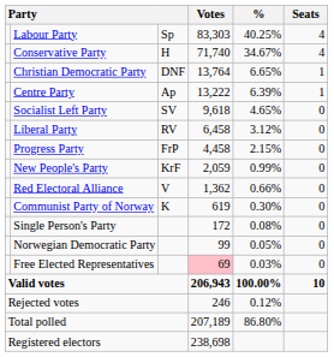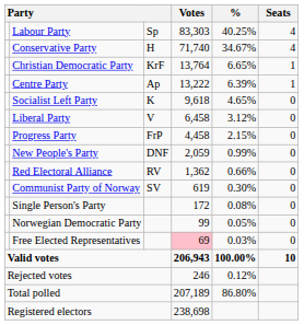 <table class="wikitable" border="1" style="text-align:right;">
 <tr>
 <th style="text-align:left;" colspan=3>Party</th>
 <th align=center width="50">Votes</th>
 <th align=center width="50">%</th>
 <th align=center width="50">Seats</th>
 </tr>
 <tr>
 <td style="color:inherit;background:"></td>
 <td align=left><a href='#'>Labour Party</a></td>
 <td align=left>Sp</td>
 <td>83,303</td>
 <td>40.25%</td>
 <td>4</td>
 </tr>
 <tr>
 <td style="color:inherit;background:"></td>
 <td align=left><a href='#'>Conservative Party</a></td>
 <td align=left>H</td>
 <td>71,740</td>
 <td>34.67%</td>
 <td>4</td>
 </tr>
 <tr>
 <td style="color:inherit;background:"></td>
 <td align=left><a href='#'>Christian Democratic Party</a></td>
-<td align=left>DNF</td>
+<td align=left>KrF</td>
 <td>13,764</td>
 <td>6.65%</td>
 <td>1</td>
 </tr>
 <tr>
 <td style="color:inherit;background:"></td>
 <td align=left><a href='#'>Centre Party</a></td>
 <td align=left>Ap</td>
 <td>13,222</td>
 <td>6.39%</td>
 <td>1</td>
 </tr>
 <tr>
 <td style="color:inherit;background:"></td>
 <td align=left><a href='#'>Socialist Left Party</a></td>
-<td align=left>SV</td>
+<td align=left>K</td>
 <td>9,618</td>
 <td>4.65%</td>
 <td>0</td>
 </tr>
 <tr>
 <td style="color:inherit;background:"></td>
 <td align=left><a href='#'>Liberal Party</a></td>
-<td align=left>RV</td>
+<td align=left>V</td>
 <td>6,458</td>
 <td>3.12%</td>
 <td>0</td>
 </tr>
 <tr>
 <td style="color:inherit;background:"></td>
 <td align=left><a href='#'>Progress Party</a></td>
 <td align=left>FrP</td>
 <td>4,458</td>
 <td>2.15%</td>
 <td>0</td>
 </tr>
 <tr>
 <td style="color:inherit;background:"></td>
 <td align=left><a href='#'>New People's Party</a></td>
-<td align=left>KrF</td>
+<td align=left>DNF</td>
 <td>2,059</td>
 <td>0.99%</td>
 <td>0</td>
 </tr>
 <tr>
 <td style="color:inherit;background:"></td>
 <td align=left><a href='#'>Red Electoral Alliance</a></td>
-<td align=left>V</td>
+<td align=left>RV</td>
 <td>1,362</td>
 <td>0.66%</td>
 <td>0</td>
 </tr>
 <tr>
 <td style="color:inherit;background:"></td>
 <td align=left><a href='#'>Communist Party of Norway</a></td>
-<td align=left>K</td>
+<td align=left>SV</td>
 <td>619</td>
 <td>0.30%</td>
 <td>0</td>
 </tr>
 <tr>
 <td></td>
 <td align=left>Single Person's Party</td>
 <td align=left></td>
 <td>172</td>
 <td>0.08%</td>
 <td>0</td>
 </tr>
 <tr>
 <td></td>
 <td align=left>Norwegian Democratic Party</td>
 <td align=left></td>
 <td>99</td>
 <td>0.05%</td>
 <td>0</td>
 </tr>
 <tr>
 <td></td>
 <td align=left>Free Elected Representatives</td>
 <td align=left></td>
 <td style="background: pink;">69</td>
 <td>0.03%</td>
 <td>0</td>
 </tr>
 <tr style="font-weight:bold">
 <td align=left colspan=3>Valid votes</td>
 <td>206,943</td>
 <td>100.00%</td>
 <td>10</td>
 </tr>
 <tr>
 <td align=left colspan=3>Rejected votes</td>
 <td>246</td>
 <td>0.12%</td>
 <td></td>
 </tr>
 <tr>
 <td align=left colspan=3>Total polled</td>
 <td>207,189</td>
 <td>86.80%</td>
 <td></td>
 </tr>
 <tr>
 <td align=left colspan=3>Registered electors</td>
 <td>238,698</td>
 <td></td>
 <td></td>
 </tr>
 </table>
